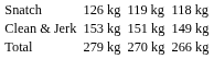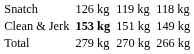 <table>
 <tr>
 <td>Snatch</td>
 <td></td>
 <td>126 kg</td>
 <td></td>
 <td>119 kg</td>
 <td></td>
 <td>118 kg</td>
 </tr>
 <tr>
 <td>Clean & Jerk</td>
 <td></td>
-<td>153 kg</td>
+<td><strong>153 kg</strong></td>
 <td></td>
 <td>151 kg</td>
 <td></td>
 <td>149 kg</td>
 </tr>
 <tr>
 <td>Total</td>
 <td></td>
 <td>279 kg</td>
 <td></td>
 <td>270 kg</td>
 <td></td>
 <td>266 kg</td>
 </tr>
 </table>
